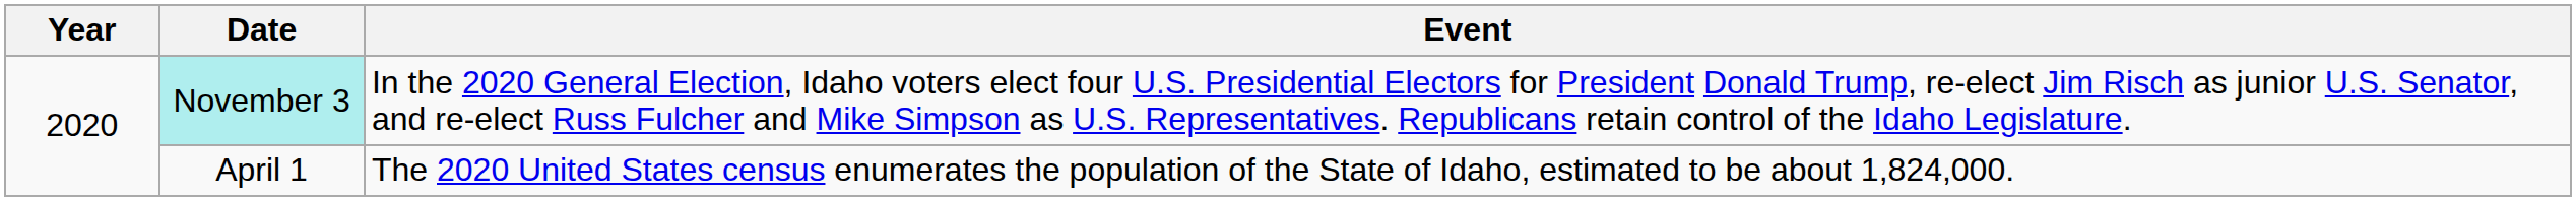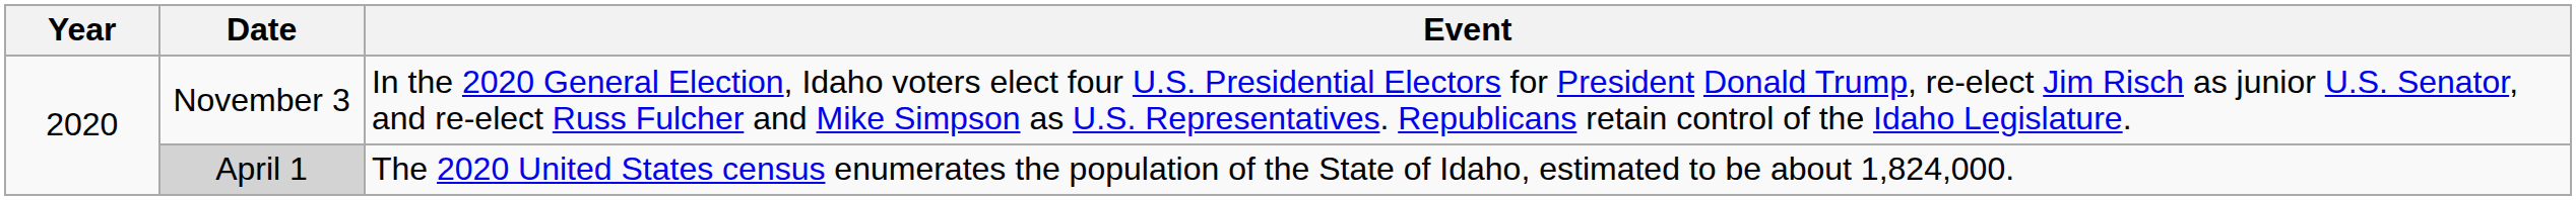 <table class="wikitable" style="width:100%;">
 <tr>
 <th style="width:6%">Year</th>
 <th style="width:8%">Date</th>
 <th style="width:86%">Event</th>
 </tr>
 <tr>
 <td align=center rowspan=2>2020</td>
-<td align=center style="background: paleturquoise;">November 3</td>
+<td align=center>November 3</td>
 <td>In the <a href='#'>2020 General Election</a>, Idaho voters elect four <a href='#'>U.S. Presidential Electors</a> for <a href='#'>President</a> <a href='#'>Donald Trump</a>, re-elect <a href='#'>Jim Risch</a> as junior <a href='#'>U.S. Senator</a>, and re-elect <a href='#'>Russ Fulcher</a> and <a href='#'>Mike Simpson</a> as <a href='#'>U.S. Representatives</a>. <a href='#'>Republicans</a> retain control of the <a href='#'>Idaho Legislature</a>.</td>
 </tr>
 <tr>
-<td align=center>April 1</td>
+<td align=center style="background: lightgrey;">April 1</td>
 <td>The <a href='#'>2020 United States census</a> enumerates the population of the State of Idaho, estimated to be about 1,824,000.</td>
 </tr>
 </table>
